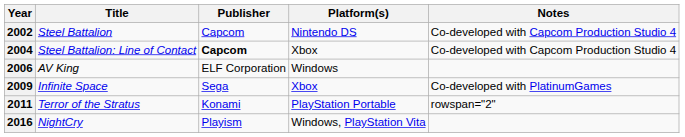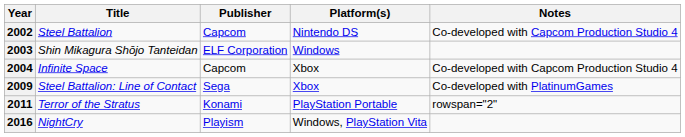 <table class="wikitable sortable">
 <tr>
 <th>Year</th>
 <th>Title</th>
 <th>Publisher</th>
 <th>Platform(s)</th>
 <th class="unsortable">Notes</th>
 </tr>
 <tr>
 <th>2002</th>
 <td><em><a href='#'>Steel Battalion</a></em></td>
 <td><a href='#'>Capcom</a></td>
 <td><a href='#'>Nintendo DS</a></td>
 <td>Co-developed with <a href='#'>Capcom Production Studio 4</a></td>
 </tr>
 <tr>
+<th>2003</th>
+<td><em>Shin Mikagura Shōjo Tanteidan</em></td>
+<td><a href='#'>ELF Corporation</a></td>
+<td><a href='#'>Windows</a></td>
+<td></td>
+</tr>
+<tr>
 <th>2004</th>
-<td><em><a href='#'>Steel Battalion: Line of Contact</a></em></td>
-<td><strong>Capcom</strong></td>
+<td><em><a href='#'>Infinite Space</a></em></td>
+<td>Capcom</td>
 <td>Xbox</td>
 <td>Co-developed with Capcom Production Studio 4</td>
 </tr>
 <tr>
-<th>2006</th>
-<td><em>AV King</em></td>
-<td>ELF Corporation</td>
-<td>Windows</td>
-<td></td>
-</tr>
-<tr>
 <th>2009</th>
-<td><em><a href='#'>Infinite Space</a></em></td>
+<td><em><a href='#'>Steel Battalion: Line of Contact</a></em></td>
 <td><a href='#'>Sega</a></td>
 <td><a href='#'>Xbox</a></td>
 <td>Co-developed with <a href='#'>PlatinumGames</a></td>
 </tr>
 <tr>
 <th>2011</th>
 <td><em><a href='#'>Terror of the Stratus</a></em></td>
 <td><a href='#'>Konami</a></td>
 <td><a href='#'>PlayStation Portable</a></td>
 <td>rowspan="2" </td>
 </tr>
 <tr>
 <th>2016</th>
 <td><em><a href='#'>NightCry</a></em></td>
 <td><a href='#'>Playism</a></td>
 <td>Windows, <a href='#'>PlayStation Vita</a></td>
 </tr>
 </table>
